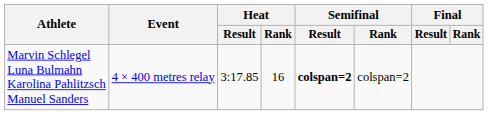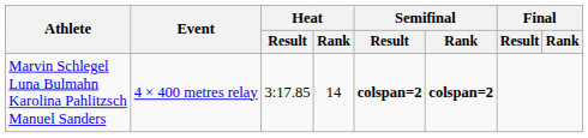 <table class=wikitable style=font-size:90%>
 <tr>
 <th rowspan=2>Athlete</th>
 <th rowspan=2>Event</th>
 <th colspan=2>Heat</th>
 <th colspan=2>Semifinal</th>
 <th colspan=2>Final</th>
 </tr>
 <tr style=font-size:95%>
 <th>Result</th>
 <th>Rank</th>
 <th>Result</th>
 <th>Rank</th>
 <th>Result</th>
 <th>Rank</th>
 </tr>
 <tr align=center>
 <td align=left><a href='#'>Marvin Schlegel</a><br><a href='#'>Luna Bulmahn</a><br><a href='#'>Karolina Pahlitzsch</a><br><a href='#'>Manuel Sanders</a></td>
 <td align=left><a href='#'>4 × 400 metres relay</a></td>
 <td>3:17.85</td>
-<td>16</td>
+<td>14</td>
 <td><strong>colspan=2 </strong></td>
-<td>colspan=2 </td>
+<td><strong>colspan=2 </strong></td>
 </tr>
 </table>
